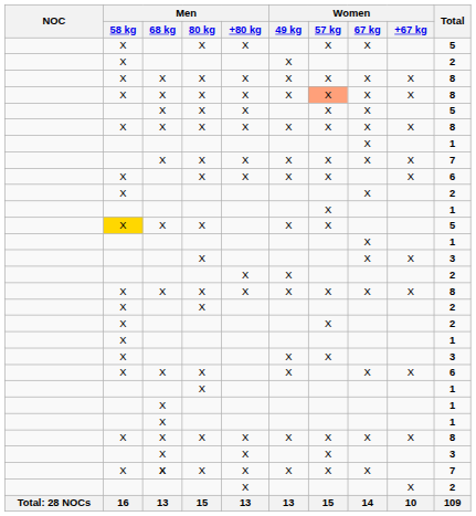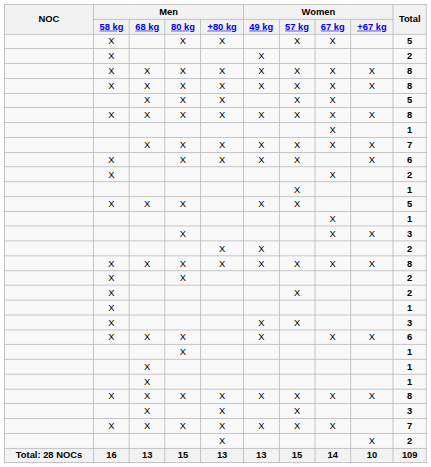 <table class="wikitable" width=650 style="text-align:center; font-size:90%">
 <tr>
 <th rowspan="2" align="left">NOC</th>
 <th colspan="4">Men</th>
 <th colspan="4">Women</th>
 <th rowspan="2">Total</th>
 </tr>
 <tr>
 <th><a href='#'>58 kg</a></th>
 <th><a href='#'>68 kg</a></th>
 <th><a href='#'>80 kg</a></th>
 <th><a href='#'>+80 kg</a></th>
 <th><a href='#'>49 kg</a></th>
 <th><a href='#'>57 kg</a></th>
 <th><a href='#'>67 kg</a></th>
 <th><a href='#'>+67 kg</a></th>
 </tr>
 <tr>
 <td align="left"></td>
 <td>X</td>
 <td></td>
 <td>X</td>
 <td>X</td>
 <td></td>
 <td>X</td>
 <td>X</td>
 <td></td>
 <td><strong>5</strong></td>
 </tr>
 <tr>
 <td align="left"></td>
 <td>X</td>
 <td></td>
 <td></td>
 <td></td>
 <td>X</td>
 <td></td>
 <td></td>
 <td></td>
 <td><strong>2</strong></td>
 </tr>
 <tr>
 <td align="left"></td>
 <td>X</td>
 <td>X</td>
 <td>X</td>
 <td>X</td>
 <td>X</td>
 <td>X</td>
 <td>X</td>
 <td>X</td>
 <td><strong>8</strong></td>
 </tr>
 <tr>
 <td align="left"></td>
 <td>X</td>
 <td>X</td>
 <td>X</td>
 <td>X</td>
 <td>X</td>
-<td style="background: lightsalmon;">X</td>
+<td>X</td>
 <td>X</td>
 <td>X</td>
 <td><strong>8</strong></td>
 </tr>
 <tr>
 <td align="left"></td>
 <td></td>
 <td>X</td>
 <td>X</td>
 <td>X</td>
 <td></td>
 <td>X</td>
 <td>X</td>
 <td></td>
 <td><strong>5</strong></td>
 </tr>
 <tr>
 <td align="left"></td>
 <td>X</td>
 <td>X</td>
 <td>X</td>
 <td>X</td>
 <td>X</td>
 <td>X</td>
 <td>X</td>
 <td>X</td>
 <td><strong>8</strong></td>
 </tr>
 <tr>
 <td align="left"></td>
 <td></td>
 <td></td>
 <td></td>
 <td></td>
 <td></td>
 <td></td>
 <td>X</td>
 <td></td>
 <td><strong>1</strong></td>
 </tr>
 <tr>
 <td align="left"></td>
 <td></td>
 <td>X</td>
 <td>X</td>
 <td>X</td>
 <td>X</td>
 <td>X</td>
 <td>X</td>
 <td>X</td>
 <td><strong>7</strong></td>
 </tr>
 <tr>
 <td align="left"></td>
 <td>X</td>
 <td></td>
 <td>X</td>
 <td>X</td>
 <td>X</td>
 <td>X</td>
 <td></td>
 <td>X</td>
 <td><strong>6</strong></td>
 </tr>
 <tr>
 <td align="left"></td>
 <td>X</td>
 <td></td>
 <td></td>
 <td></td>
 <td></td>
 <td></td>
 <td>X</td>
 <td></td>
 <td><strong>2</strong></td>
 </tr>
 <tr>
 <td align="left"></td>
 <td></td>
 <td></td>
 <td></td>
 <td></td>
 <td></td>
 <td>X</td>
 <td></td>
 <td></td>
 <td><strong>1</strong></td>
 </tr>
 <tr>
 <td align="left"></td>
-<td style="background: gold;">X</td>
+<td>X</td>
 <td>X</td>
 <td>X</td>
 <td></td>
 <td>X</td>
 <td>X</td>
 <td></td>
 <td></td>
 <td><strong>5</strong></td>
 </tr>
 <tr>
 <td align="left"></td>
 <td></td>
 <td></td>
 <td></td>
 <td></td>
 <td></td>
 <td></td>
 <td>X</td>
 <td></td>
 <td><strong>1</strong></td>
 </tr>
 <tr>
 <td align="left"></td>
 <td></td>
 <td></td>
 <td>X</td>
 <td></td>
 <td></td>
 <td></td>
 <td>X</td>
 <td>X</td>
 <td><strong>3</strong></td>
 </tr>
 <tr>
 <td align="left"></td>
 <td></td>
 <td></td>
 <td></td>
 <td>X</td>
 <td>X</td>
 <td></td>
 <td></td>
 <td></td>
 <td><strong>2</strong></td>
 </tr>
 <tr>
 <td align="left"></td>
 <td>X</td>
 <td>X</td>
 <td>X</td>
 <td>X</td>
 <td>X</td>
 <td>X</td>
 <td>X</td>
 <td>X</td>
 <td><strong>8</strong></td>
 </tr>
 <tr>
 <td align="left"></td>
 <td>X</td>
 <td></td>
 <td>X</td>
 <td></td>
 <td></td>
 <td></td>
 <td></td>
 <td></td>
 <td><strong>2</strong></td>
 </tr>
 <tr>
 <td align="left"></td>
 <td>X</td>
 <td></td>
 <td></td>
 <td></td>
 <td></td>
 <td>X</td>
 <td></td>
 <td></td>
 <td><strong>2</strong></td>
 </tr>
 <tr>
 <td align="left"></td>
 <td>X</td>
 <td></td>
 <td></td>
 <td></td>
 <td></td>
 <td></td>
 <td></td>
 <td></td>
 <td><strong>1</strong></td>
 </tr>
 <tr>
 <td align="left"></td>
 <td>X</td>
 <td></td>
 <td></td>
 <td></td>
 <td>X</td>
 <td>X</td>
 <td></td>
 <td></td>
 <td><strong>3</strong></td>
 </tr>
 <tr>
 <td align="left"></td>
 <td>X</td>
 <td>X</td>
 <td>X</td>
 <td></td>
 <td>X</td>
 <td></td>
 <td>X</td>
 <td>X</td>
 <td><strong>6</strong></td>
 </tr>
 <tr>
 <td align="left"></td>
 <td></td>
 <td></td>
 <td>X</td>
 <td></td>
 <td></td>
 <td></td>
 <td></td>
 <td></td>
 <td><strong>1</strong></td>
 </tr>
 <tr>
 <td align="left"></td>
 <td></td>
 <td>X</td>
 <td></td>
 <td></td>
 <td></td>
 <td></td>
 <td></td>
 <td></td>
 <td><strong>1</strong></td>
 </tr>
 <tr>
 <td align="left"></td>
 <td></td>
 <td>X</td>
 <td></td>
 <td></td>
 <td></td>
 <td></td>
 <td></td>
 <td></td>
 <td><strong>1</strong></td>
 </tr>
 <tr>
 <td align="left"></td>
 <td>X</td>
 <td>X</td>
 <td>X</td>
 <td>X</td>
 <td>X</td>
 <td>X</td>
 <td>X</td>
 <td>X</td>
 <td><strong>8</strong></td>
 </tr>
 <tr>
 <td align="left"></td>
 <td></td>
 <td>X</td>
 <td></td>
 <td>X</td>
 <td></td>
 <td>X</td>
 <td></td>
 <td></td>
 <td><strong>3</strong></td>
 </tr>
 <tr>
 <td align="left"></td>
 <td>X</td>
-<td><strong>X</strong></td>
+<td>X</td>
 <td>X</td>
 <td>X</td>
 <td>X</td>
 <td>X</td>
 <td>X</td>
 <td></td>
 <td><strong>7</strong></td>
 </tr>
 <tr>
 <td align="left"></td>
 <td></td>
 <td></td>
 <td></td>
 <td>X</td>
 <td></td>
 <td></td>
 <td></td>
 <td>X</td>
 <td><strong>2</strong></td>
 </tr>
 <tr>
 <th>Total: 28 NOCs</th>
 <th>16</th>
 <th>13</th>
 <th>15</th>
 <th>13</th>
 <th>13</th>
 <th>15</th>
 <th>14</th>
 <th>10</th>
 <th>109</th>
 </tr>
 </table>
